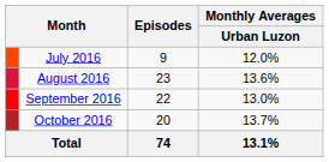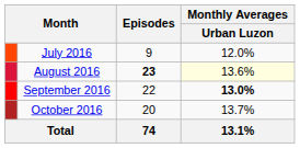 <table class="wikitable plainrowheaders" style="text-align: center; line-height:25px;">
 <tr class="wikitable" style="text-align: center;">
 <th colspan="2" rowspan="2" style="padding: 0 8px;">Month</th>
 <th rowspan="2" style="padding: 0 8px;">Episodes</th>
 <th colspan="2" style="padding: 0 8px;">Monthly Averages</th>
 </tr>
 <tr>
 <th style="padding: 0 8px;">Urban Luzon</th>
 </tr>
 <tr>
 <td style="padding: 0 8px; background:#FF4500;"></td>
 <td style="padding: 0 8px;" '><a href='#'>July 2016</a></td>
 <td style="padding: 0 8px;">9</td>
 <td style="padding: 0 8px;">12.0%</td>
 </tr>
 <tr>
 <td style="padding: 0 8px; background:#DC143C;"></td>
 <td style="padding: 0 8px;" '><a href='#'>August 2016</a></td>
-<td style="padding: 0 8px;">23</td>
-<td style="padding: 0 8px;">13.6%</td>
+<td style="padding: 0 8px;"><strong>23</strong></td>
+<td style="background: lightyellow; padding: 0 8px;">13.6%</td>
 </tr>
 <tr>
 <td style="padding: 0 8px; background:#FF0000;"></td>
 <td style="padding: 0 8px;" '><a href='#'>September 2016</a></td>
 <td style="padding: 0 8px;">22</td>
-<td style="padding: 0 8px;">13.0%</td>
+<td style="padding: 0 8px;"><strong>13.0%</strong></td>
 </tr>
 <tr>
 <td style="padding: 0 8px; background:#B22222;"></td>
 <td style="padding: 0 8px;" '><a href='#'>October 2016</a></td>
 <td style="padding: 0 8px;">20</td>
 <td style="padding: 0 8px;">13.7%</td>
 </tr>
 <tr>
 <th colspan="2">Total</th>
 <th colspan="1">74</th>
 <th colspan="2">13.1%</th>
 </tr>
 </table>
